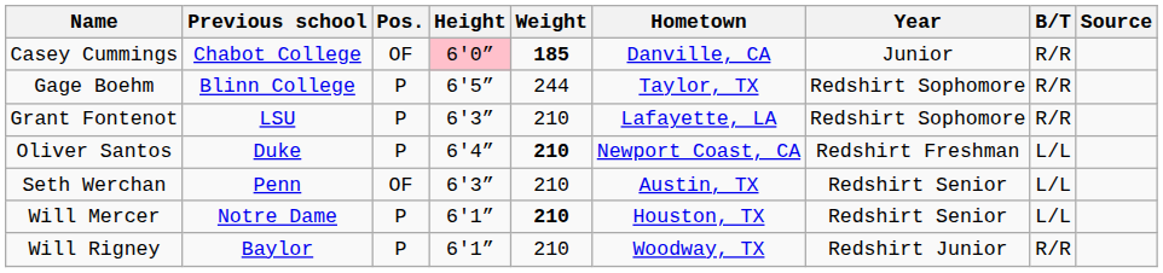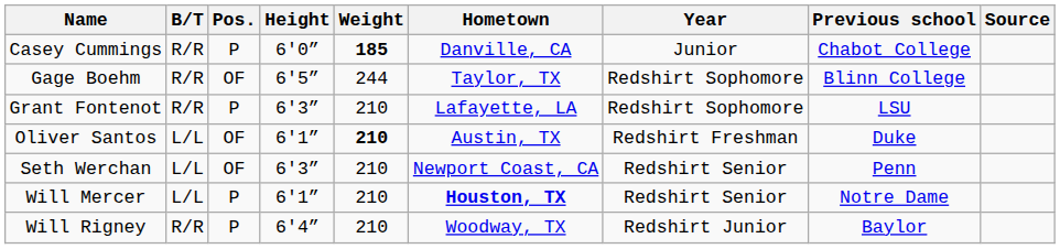 <table class="wikitable sortable">
 <tr>
 <th style="text-align:center; ">Name</th>
-<th style="text-align:center; ">Previous school</th>
+<th style="text-align:center; ">B/T</th>
 <th style="text-align:center; ">Pos.</th>
 <th style="text-align:center; ">Height</th>
 <th style="text-align:center; ">Weight</th>
 <th style="text-align:center; ">Hometown</th>
 <th style="text-align:center; ">Year</th>
-<th style="text-align:center; ">B/T</th>
+<th style="text-align:center; ">Previous school</th>
 <th style="text-align:center; ">Source</th>
 </tr>
 <tr align="center">
 <td>Casey Cummings</td>
-<td><a href='#'>Chabot College</a></td>
-<td>OF</td>
-<td style="background: pink;">6'0”</td>
+<td>R/R</td>
+<td>P</td>
+<td>6'0”</td>
 <td><strong>185</strong></td>
 <td><a href='#'>Danville, CA</a></td>
 <td>Junior</td>
-<td>R/R</td>
+<td><a href='#'>Chabot College</a></td>
 <td></td>
 </tr>
 <tr align="center">
 <td>Gage Boehm</td>
-<td><a href='#'>Blinn College</a></td>
-<td>P</td>
+<td>R/R</td>
+<td>OF</td>
 <td>6'5”</td>
 <td>244</td>
 <td><a href='#'>Taylor, TX</a></td>
 <td>Redshirt Sophomore</td>
-<td>R/R</td>
+<td><a href='#'>Blinn College</a></td>
 <td></td>
 </tr>
 <tr align="center">
 <td>Grant Fontenot</td>
-<td><a href='#'>LSU</a></td>
+<td>R/R</td>
 <td>P</td>
 <td>6'3”</td>
 <td>210</td>
 <td><a href='#'>Lafayette, LA</a></td>
 <td>Redshirt Sophomore</td>
-<td>R/R</td>
+<td><a href='#'>LSU</a></td>
 <td></td>
 </tr>
 <tr align="center">
 <td>Oliver Santos</td>
+<td>L/L</td>
+<td>OF</td>
+<td>6'1”</td>
+<td><strong>210</strong></td>
+<td><a href='#'>Austin, TX</a></td>
+<td>Redshirt Freshman</td>
 <td><a href='#'>Duke</a></td>
-<td>P</td>
-<td>6'4”</td>
-<td><strong>210</strong></td>
-<td><a href='#'>Newport Coast, CA</a></td>
-<td>Redshirt Freshman</td>
-<td>L/L</td>
 <td></td>
 </tr>
 <tr align="center">
 <td>Seth Werchan</td>
-<td><a href='#'>Penn</a></td>
+<td>L/L</td>
 <td>OF</td>
 <td>6'3”</td>
 <td>210</td>
-<td><a href='#'>Austin, TX</a></td>
+<td><a href='#'>Newport Coast, CA</a></td>
 <td>Redshirt Senior</td>
-<td>L/L</td>
+<td><a href='#'>Penn</a></td>
 <td></td>
 </tr>
 <tr align="center">
 <td>Will Mercer</td>
-<td><a href='#'>Notre Dame</a></td>
+<td>L/L</td>
 <td>P</td>
 <td>6'1”</td>
-<td><strong>210</strong></td>
-<td><a href='#'>Houston, TX</a></td>
+<td>210</td>
+<td><strong><a href='#'>Houston, TX</a></strong></td>
 <td>Redshirt Senior</td>
-<td>L/L</td>
+<td><a href='#'>Notre Dame</a></td>
 <td></td>
 </tr>
 <tr align="center">
 <td>Will Rigney</td>
-<td><a href='#'>Baylor</a></td>
+<td>R/R</td>
 <td>P</td>
-<td>6'1”</td>
+<td>6'4”</td>
 <td>210</td>
 <td><a href='#'>Woodway, TX</a></td>
 <td>Redshirt Junior</td>
-<td>R/R</td>
+<td><a href='#'>Baylor</a></td>
 <td></td>
 </tr>
 </table>
